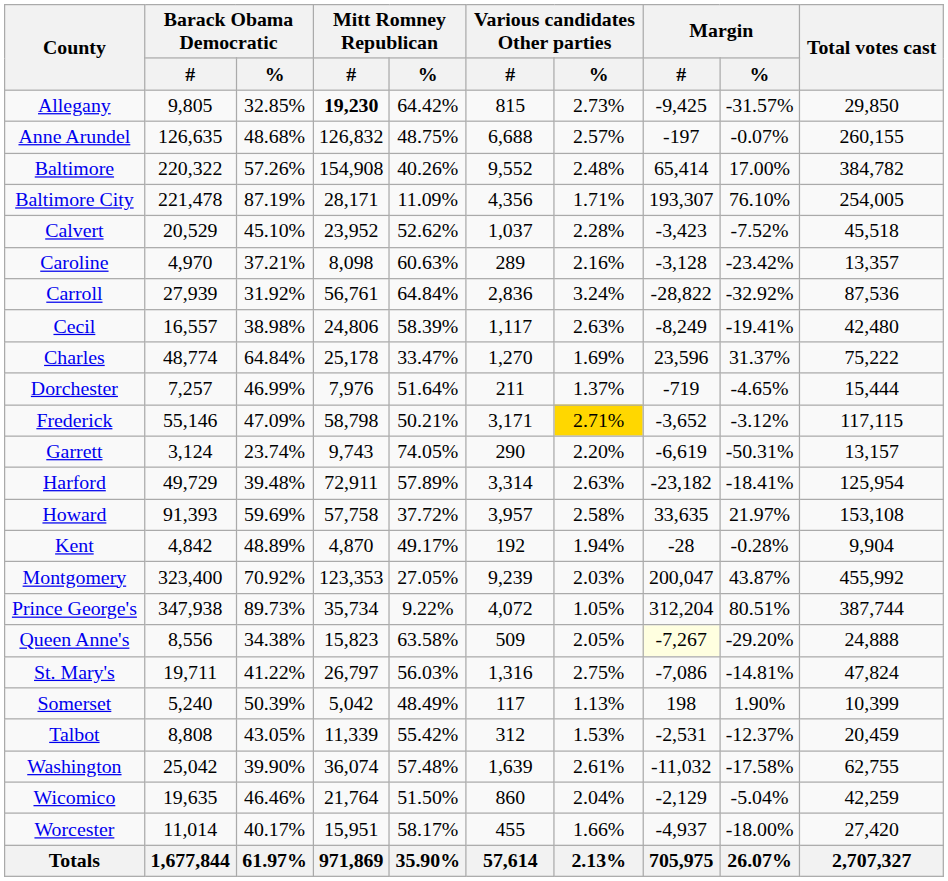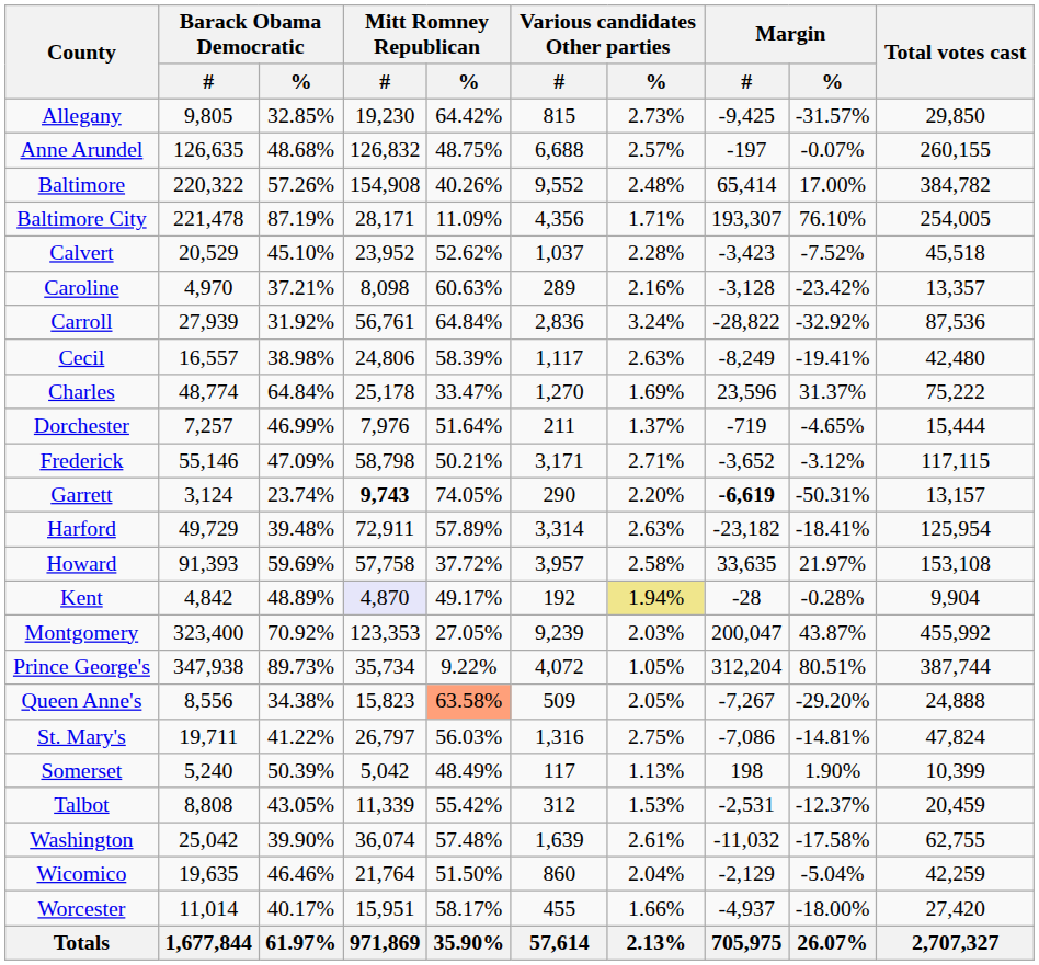 <table width="60%" class="wikitable sortable">
 <tr>
 <th rowspan="2">County</th>
 <th colspan="2">Barack Obama<br>Democratic</th>
 <th colspan="2">Mitt Romney<br>Republican</th>
 <th colspan="2">Various candidates<br>Other parties</th>
 <th colspan="2">Margin</th>
 <th rowspan="2">Total votes cast</th>
 </tr>
 <tr>
 <th style="text-align:center;" data-sort-type="number">#</th>
 <th style="text-align:center;" data-sort-type="number">%</th>
 <th style="text-align:center;" data-sort-type="number">#</th>
 <th style="text-align:center;" data-sort-type="number">%</th>
 <th style="text-align:center;" data-sort-type="number">#</th>
 <th style="text-align:center;" data-sort-type="number">%</th>
 <th style="text-align:center;" data-sort-type="number">#</th>
 <th style="text-align:center;" data-sort-type="number">%</th>
 </tr>
 <tr style="text-align:center;">
 <td><a href='#'>Allegany</a></td>
 <td>9,805</td>
 <td>32.85%</td>
-<td><strong>19,230</strong></td>
+<td>19,230</td>
 <td>64.42%</td>
 <td>815</td>
 <td>2.73%</td>
 <td>-9,425</td>
 <td>-31.57%</td>
 <td>29,850</td>
 </tr>
 <tr style="text-align:center;">
 <td><a href='#'>Anne Arundel</a></td>
 <td>126,635</td>
 <td>48.68%</td>
 <td>126,832</td>
 <td>48.75%</td>
 <td>6,688</td>
 <td>2.57%</td>
 <td>-197</td>
 <td>-0.07%</td>
 <td>260,155</td>
 </tr>
 <tr style="text-align:center;">
 <td><a href='#'>Baltimore</a></td>
 <td>220,322</td>
 <td>57.26%</td>
 <td>154,908</td>
 <td>40.26%</td>
 <td>9,552</td>
 <td>2.48%</td>
 <td>65,414</td>
 <td>17.00%</td>
 <td>384,782</td>
 </tr>
 <tr style="text-align:center;">
 <td><a href='#'>Baltimore City</a></td>
 <td>221,478</td>
 <td>87.19%</td>
 <td>28,171</td>
 <td>11.09%</td>
 <td>4,356</td>
 <td>1.71%</td>
 <td>193,307</td>
 <td>76.10%</td>
 <td>254,005</td>
 </tr>
 <tr style="text-align:center;">
 <td><a href='#'>Calvert</a></td>
 <td>20,529</td>
 <td>45.10%</td>
 <td>23,952</td>
 <td>52.62%</td>
 <td>1,037</td>
 <td>2.28%</td>
 <td>-3,423</td>
 <td>-7.52%</td>
 <td>45,518</td>
 </tr>
 <tr style="text-align:center;">
 <td><a href='#'>Caroline</a></td>
 <td>4,970</td>
 <td>37.21%</td>
 <td>8,098</td>
 <td>60.63%</td>
 <td>289</td>
 <td>2.16%</td>
 <td>-3,128</td>
 <td>-23.42%</td>
 <td>13,357</td>
 </tr>
 <tr style="text-align:center;">
 <td><a href='#'>Carroll</a></td>
 <td>27,939</td>
 <td>31.92%</td>
 <td>56,761</td>
 <td>64.84%</td>
 <td>2,836</td>
 <td>3.24%</td>
 <td>-28,822</td>
 <td>-32.92%</td>
 <td>87,536</td>
 </tr>
 <tr style="text-align:center;">
 <td><a href='#'>Cecil</a></td>
 <td>16,557</td>
 <td>38.98%</td>
 <td>24,806</td>
 <td>58.39%</td>
 <td>1,117</td>
 <td>2.63%</td>
 <td>-8,249</td>
 <td>-19.41%</td>
 <td>42,480</td>
 </tr>
 <tr style="text-align:center;">
 <td><a href='#'>Charles</a></td>
 <td>48,774</td>
 <td>64.84%</td>
 <td>25,178</td>
 <td>33.47%</td>
 <td>1,270</td>
 <td>1.69%</td>
 <td>23,596</td>
 <td>31.37%</td>
 <td>75,222</td>
 </tr>
 <tr style="text-align:center;">
 <td><a href='#'>Dorchester</a></td>
 <td>7,257</td>
 <td>46.99%</td>
 <td>7,976</td>
 <td>51.64%</td>
 <td>211</td>
 <td>1.37%</td>
 <td>-719</td>
 <td>-4.65%</td>
 <td>15,444</td>
 </tr>
 <tr style="text-align:center;">
 <td><a href='#'>Frederick</a></td>
 <td>55,146</td>
 <td>47.09%</td>
 <td>58,798</td>
 <td>50.21%</td>
 <td>3,171</td>
-<td style="background: gold;">2.71%</td>
+<td>2.71%</td>
 <td>-3,652</td>
 <td>-3.12%</td>
 <td>117,115</td>
 </tr>
 <tr style="text-align:center;">
 <td><a href='#'>Garrett</a></td>
 <td>3,124</td>
 <td>23.74%</td>
-<td>9,743</td>
+<td><strong>9,743</strong></td>
 <td>74.05%</td>
 <td>290</td>
 <td>2.20%</td>
-<td>-6,619</td>
+<td><strong>-6,619</strong></td>
 <td>-50.31%</td>
 <td>13,157</td>
 </tr>
 <tr style="text-align:center;">
 <td><a href='#'>Harford</a></td>
 <td>49,729</td>
 <td>39.48%</td>
 <td>72,911</td>
 <td>57.89%</td>
 <td>3,314</td>
 <td>2.63%</td>
 <td>-23,182</td>
 <td>-18.41%</td>
 <td>125,954</td>
 </tr>
 <tr style="text-align:center;">
 <td><a href='#'>Howard</a></td>
 <td>91,393</td>
 <td>59.69%</td>
 <td>57,758</td>
 <td>37.72%</td>
 <td>3,957</td>
 <td>2.58%</td>
 <td>33,635</td>
 <td>21.97%</td>
 <td>153,108</td>
 </tr>
 <tr style="text-align:center;">
 <td><a href='#'>Kent</a></td>
 <td>4,842</td>
 <td>48.89%</td>
-<td>4,870</td>
+<td style="background: lavender;">4,870</td>
 <td>49.17%</td>
 <td>192</td>
-<td>1.94%</td>
+<td style="background: khaki;">1.94%</td>
 <td>-28</td>
 <td>-0.28%</td>
 <td>9,904</td>
 </tr>
 <tr style="text-align:center;">
 <td><a href='#'>Montgomery</a></td>
 <td>323,400</td>
 <td>70.92%</td>
 <td>123,353</td>
 <td>27.05%</td>
 <td>9,239</td>
 <td>2.03%</td>
 <td>200,047</td>
 <td>43.87%</td>
 <td>455,992</td>
 </tr>
 <tr style="text-align:center;">
 <td><a href='#'>Prince George's</a></td>
 <td>347,938</td>
 <td>89.73%</td>
 <td>35,734</td>
 <td>9.22%</td>
 <td>4,072</td>
 <td>1.05%</td>
 <td>312,204</td>
 <td>80.51%</td>
 <td>387,744</td>
 </tr>
 <tr style="text-align:center;">
 <td><a href='#'>Queen Anne's</a></td>
 <td>8,556</td>
 <td>34.38%</td>
 <td>15,823</td>
-<td>63.58%</td>
+<td style="background: lightsalmon;">63.58%</td>
 <td>509</td>
 <td>2.05%</td>
-<td style="background: lightyellow;">-7,267</td>
+<td>-7,267</td>
 <td>-29.20%</td>
 <td>24,888</td>
 </tr>
 <tr style="text-align:center;">
 <td><a href='#'>St. Mary's</a></td>
 <td>19,711</td>
 <td>41.22%</td>
 <td>26,797</td>
 <td>56.03%</td>
 <td>1,316</td>
 <td>2.75%</td>
 <td>-7,086</td>
 <td>-14.81%</td>
 <td>47,824</td>
 </tr>
 <tr style="text-align:center;">
 <td><a href='#'>Somerset</a></td>
 <td>5,240</td>
 <td>50.39%</td>
 <td>5,042</td>
 <td>48.49%</td>
 <td>117</td>
 <td>1.13%</td>
 <td>198</td>
 <td>1.90%</td>
 <td>10,399</td>
 </tr>
 <tr style="text-align:center;">
 <td><a href='#'>Talbot</a></td>
 <td>8,808</td>
 <td>43.05%</td>
 <td>11,339</td>
 <td>55.42%</td>
 <td>312</td>
 <td>1.53%</td>
 <td>-2,531</td>
 <td>-12.37%</td>
 <td>20,459</td>
 </tr>
 <tr style="text-align:center;">
 <td><a href='#'>Washington</a></td>
 <td>25,042</td>
 <td>39.90%</td>
 <td>36,074</td>
 <td>57.48%</td>
 <td>1,639</td>
 <td>2.61%</td>
 <td>-11,032</td>
 <td>-17.58%</td>
 <td>62,755</td>
 </tr>
 <tr style="text-align:center;">
 <td><a href='#'>Wicomico</a></td>
 <td>19,635</td>
 <td>46.46%</td>
 <td>21,764</td>
 <td>51.50%</td>
 <td>860</td>
 <td>2.04%</td>
 <td>-2,129</td>
 <td>-5.04%</td>
 <td>42,259</td>
 </tr>
 <tr style="text-align:center;">
 <td><a href='#'>Worcester</a></td>
 <td>11,014</td>
 <td>40.17%</td>
 <td>15,951</td>
 <td>58.17%</td>
 <td>455</td>
 <td>1.66%</td>
 <td>-4,937</td>
 <td>-18.00%</td>
 <td>27,420</td>
 </tr>
 <tr>
 <th>Totals</th>
 <th>1,677,844</th>
 <th>61.97%</th>
 <th>971,869</th>
 <th>35.90%</th>
 <th>57,614</th>
 <th>2.13%</th>
 <th>705,975</th>
 <th>26.07%</th>
 <th>2,707,327</th>
 </tr>
 </table>
